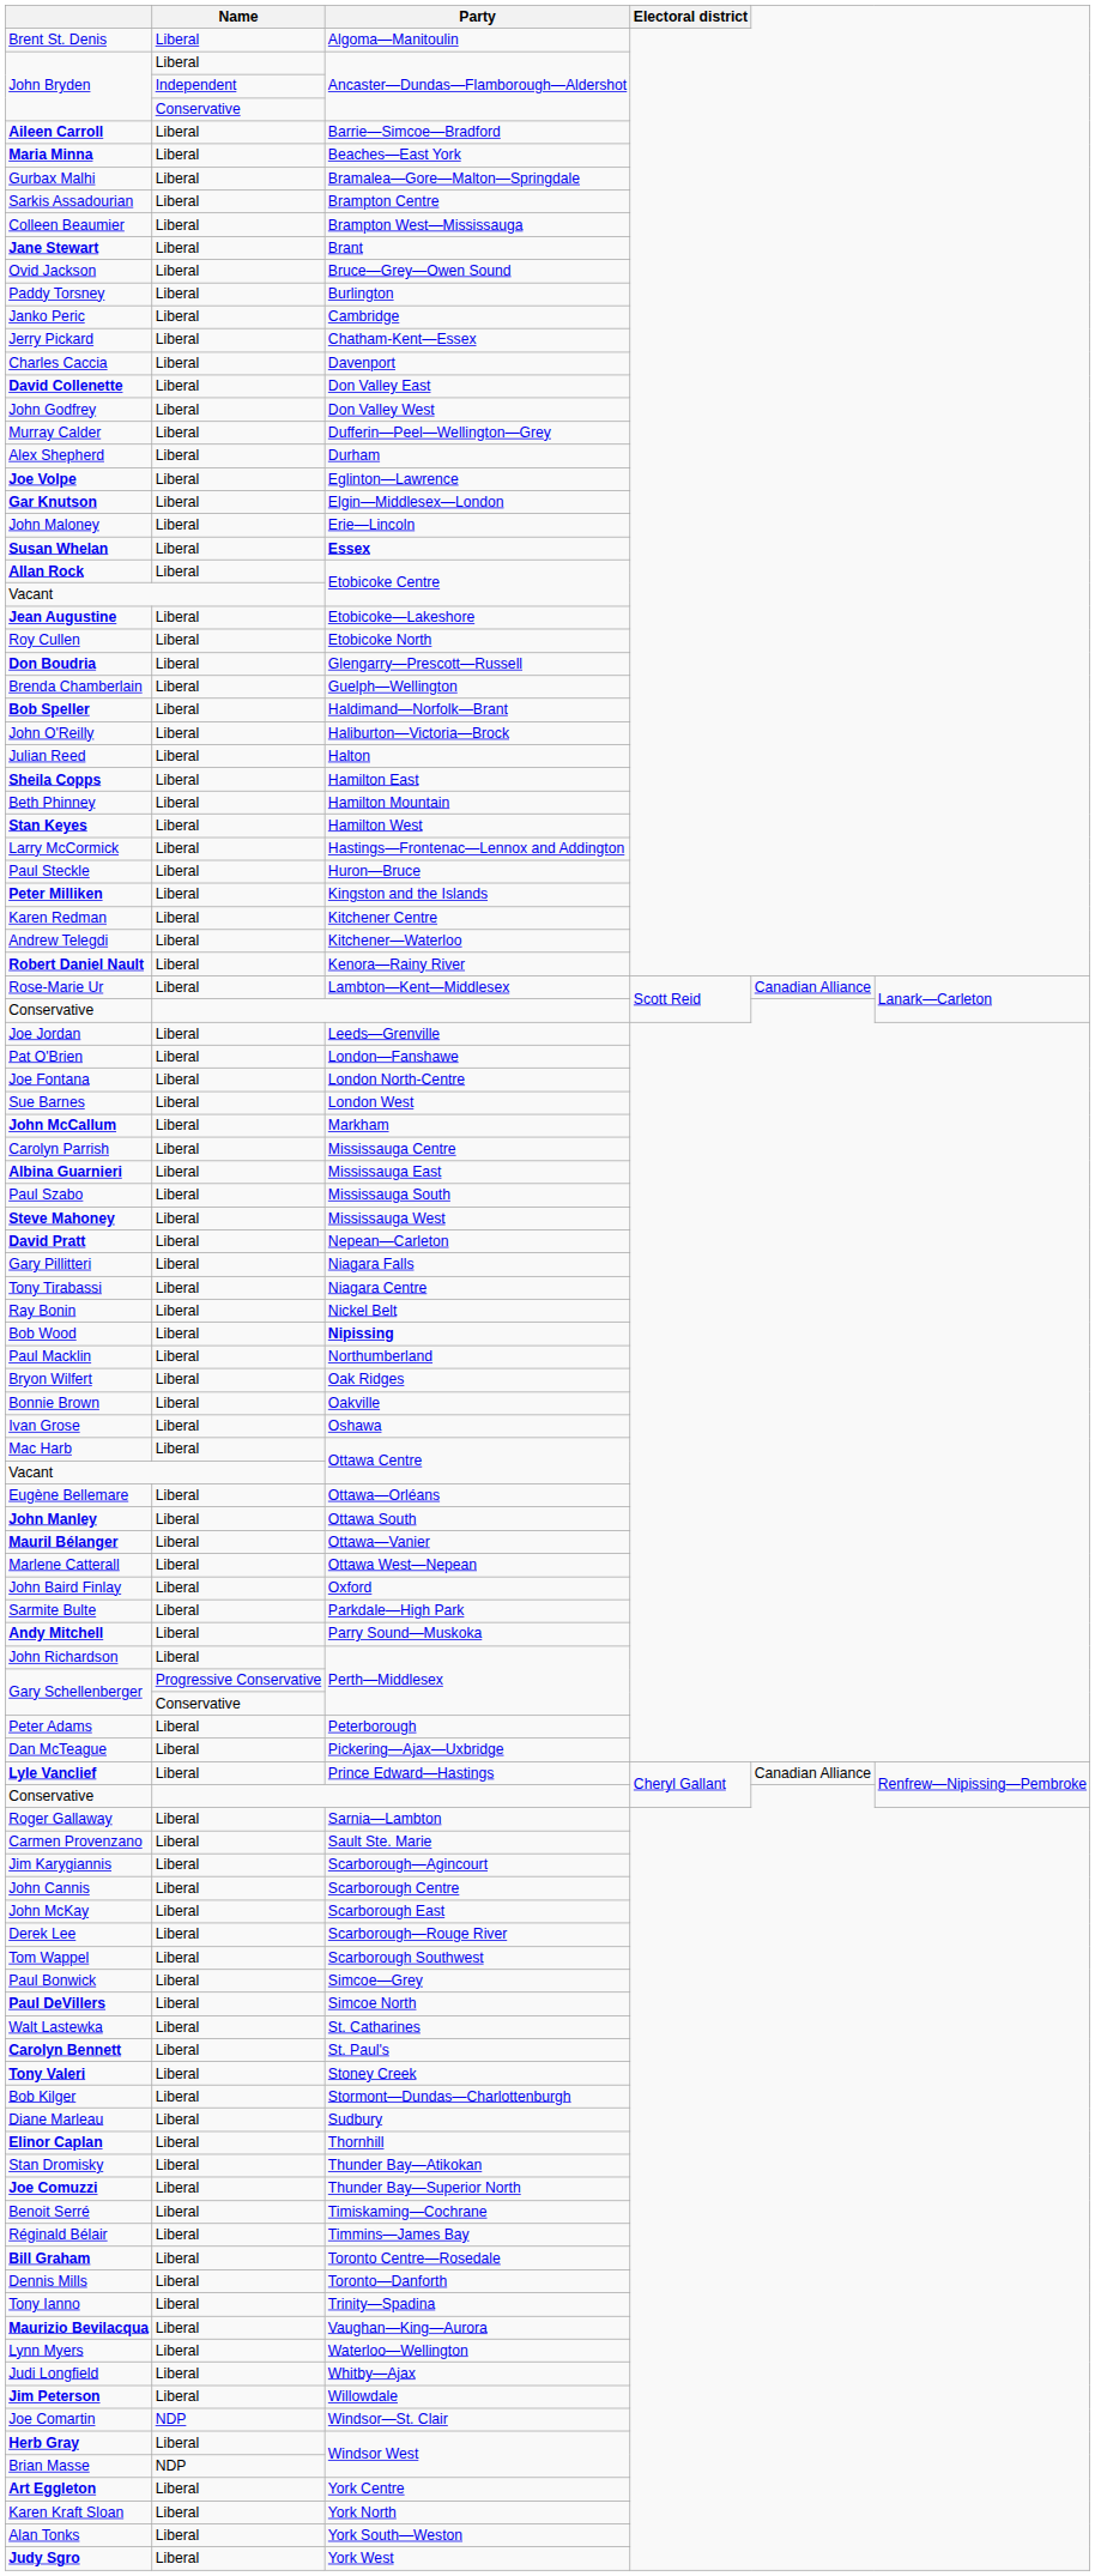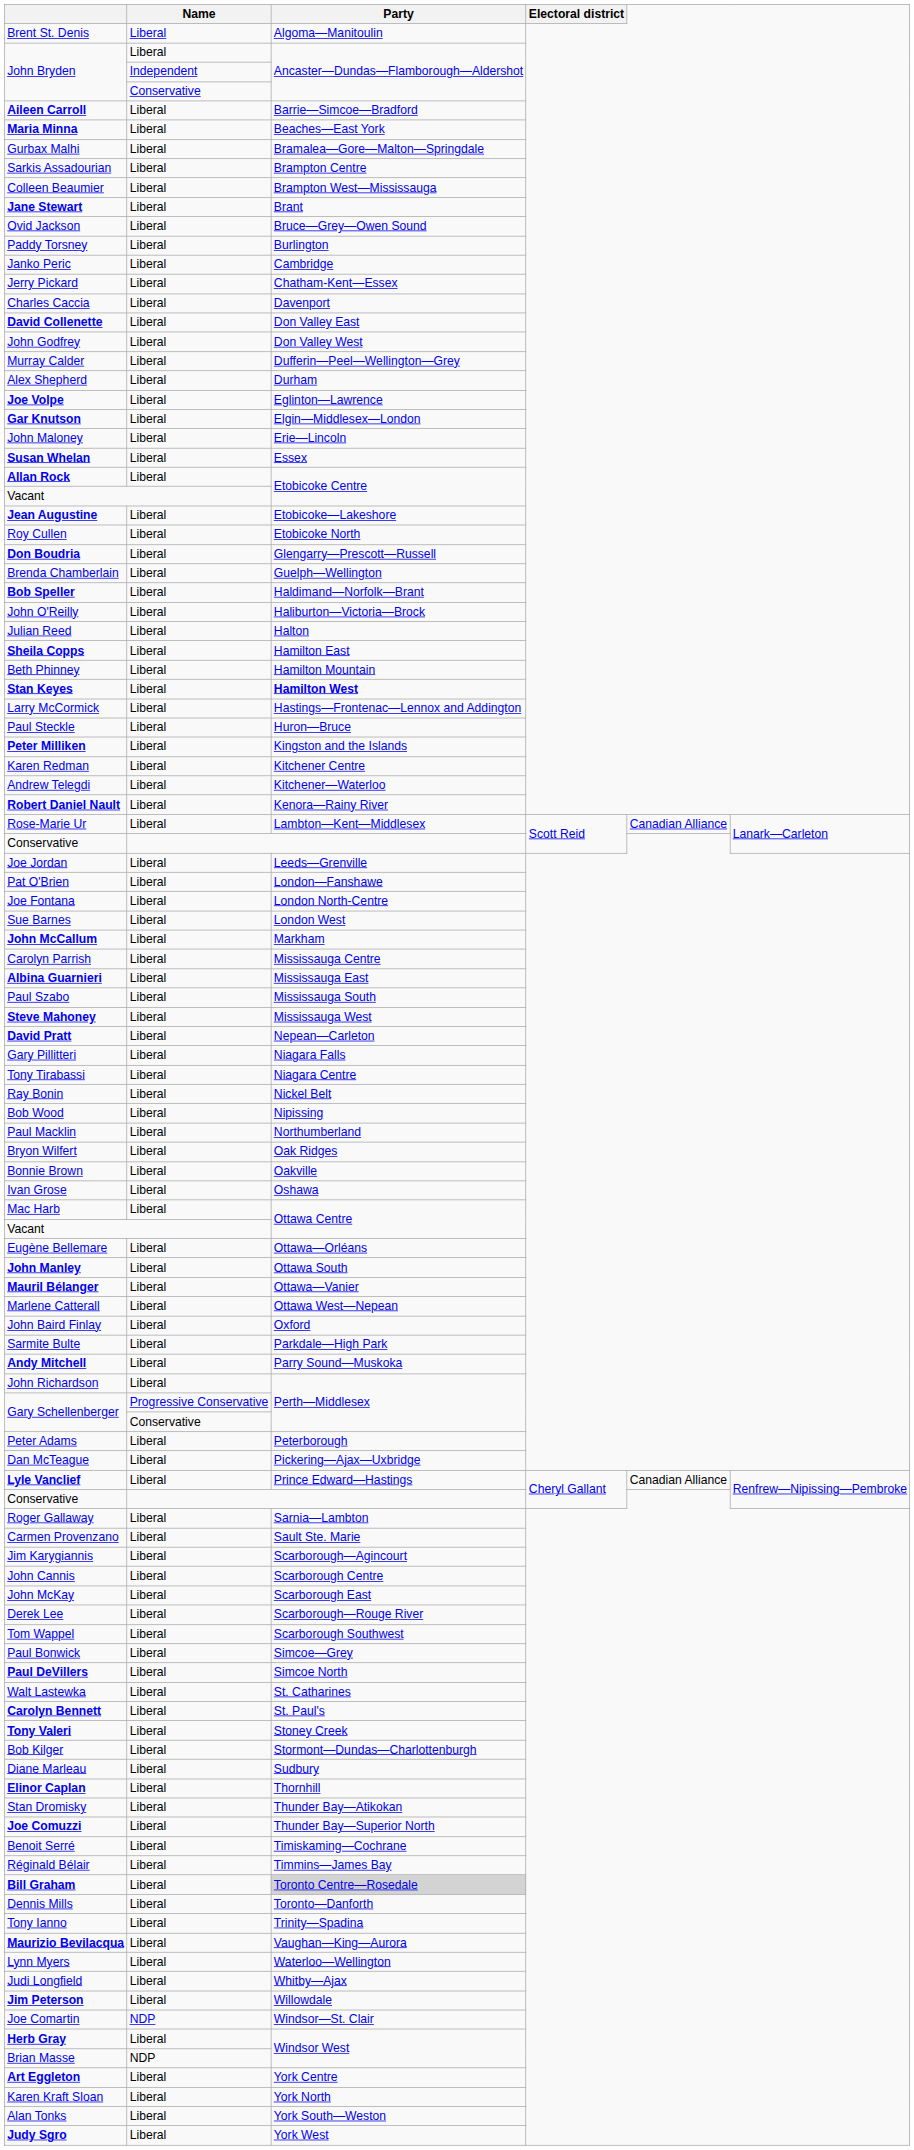 <table class="wikitable">
 <tr>
 <th></th>
 <th>Name</th>
 <th>Party</th>
 <th>Electoral district</th>
 </tr>
 <tr>
 <td><a href='#'>Brent St. Denis</a></td>
 <td><a href='#'>Liberal</a></td>
 <td><a href='#'>Algoma—Manitoulin</a></td>
 </tr>
 <tr>
 <td rowspan="3"><a href='#'>John Bryden</a></td>
 <td>Liberal</td>
 <td rowspan="3"><a href='#'>Ancaster—Dundas—Flamborough—Aldershot</a></td>
 </tr>
 <tr>
 <td><a href='#'>Independent</a></td>
 </tr>
 <tr>
 <td><a href='#'>Conservative</a></td>
 </tr>
 <tr>
 <td><strong><a href='#'>Aileen Carroll</a></strong></td>
 <td>Liberal</td>
 <td><a href='#'>Barrie—Simcoe—Bradford</a></td>
 </tr>
 <tr>
 <td><strong><a href='#'>Maria Minna</a></strong></td>
 <td>Liberal</td>
 <td><a href='#'>Beaches—East York</a></td>
 </tr>
 <tr>
 <td><a href='#'>Gurbax Malhi</a></td>
 <td>Liberal</td>
 <td><a href='#'>Bramalea—Gore—Malton—Springdale</a></td>
 </tr>
 <tr>
 <td><a href='#'>Sarkis Assadourian</a></td>
 <td>Liberal</td>
 <td><a href='#'>Brampton Centre</a></td>
 </tr>
 <tr>
 <td><a href='#'>Colleen Beaumier</a></td>
 <td>Liberal</td>
 <td><a href='#'>Brampton West—Mississauga</a></td>
 </tr>
 <tr>
 <td><strong><a href='#'>Jane Stewart</a></strong></td>
 <td>Liberal</td>
 <td><a href='#'>Brant</a></td>
 </tr>
 <tr>
 <td><a href='#'>Ovid Jackson</a></td>
 <td>Liberal</td>
 <td><a href='#'>Bruce—Grey—Owen Sound</a></td>
 </tr>
 <tr>
 <td><a href='#'>Paddy Torsney</a></td>
 <td>Liberal</td>
 <td><a href='#'>Burlington</a></td>
 </tr>
 <tr>
 <td><a href='#'>Janko Peric</a></td>
 <td>Liberal</td>
 <td><a href='#'>Cambridge</a></td>
 </tr>
 <tr>
 <td><a href='#'>Jerry Pickard</a></td>
 <td>Liberal</td>
 <td><a href='#'>Chatham-Kent—Essex</a></td>
 </tr>
 <tr>
 <td><a href='#'>Charles Caccia</a></td>
 <td>Liberal</td>
 <td><a href='#'>Davenport</a></td>
 </tr>
 <tr>
 <td><strong><a href='#'>David Collenette</a></strong></td>
 <td>Liberal</td>
 <td><a href='#'>Don Valley East</a></td>
 </tr>
 <tr>
 <td><a href='#'>John Godfrey</a></td>
 <td>Liberal</td>
 <td><a href='#'>Don Valley West</a></td>
 </tr>
 <tr>
 <td><a href='#'>Murray Calder</a></td>
 <td>Liberal</td>
 <td><a href='#'>Dufferin—Peel—Wellington—Grey</a></td>
 </tr>
 <tr>
 <td><a href='#'>Alex Shepherd</a></td>
 <td>Liberal</td>
 <td><a href='#'>Durham</a></td>
 </tr>
 <tr>
 <td><strong><a href='#'>Joe Volpe</a></strong></td>
 <td>Liberal</td>
 <td><a href='#'>Eglinton—Lawrence</a></td>
 </tr>
 <tr>
 <td><strong><a href='#'>Gar Knutson</a></strong></td>
 <td>Liberal</td>
 <td><a href='#'>Elgin—Middlesex—London</a></td>
 </tr>
 <tr>
 <td><a href='#'>John Maloney</a></td>
 <td>Liberal</td>
 <td><a href='#'>Erie—Lincoln</a></td>
 </tr>
 <tr>
 <td><strong><a href='#'>Susan Whelan</a></strong></td>
 <td>Liberal</td>
-<td><strong><a href='#'>Essex</a></strong></td>
+<td><a href='#'>Essex</a></td>
 </tr>
 <tr>
 <td><strong><a href='#'>Allan Rock</a></strong></td>
 <td>Liberal</td>
 <td rowspan="2"><a href='#'>Etobicoke Centre</a></td>
 </tr>
 <tr>
 <td colspan="2">Vacant</td>
 </tr>
 <tr>
 <td><strong><a href='#'>Jean Augustine</a></strong></td>
 <td>Liberal</td>
 <td><a href='#'>Etobicoke—Lakeshore</a></td>
 </tr>
 <tr>
 <td><a href='#'>Roy Cullen</a></td>
 <td>Liberal</td>
 <td><a href='#'>Etobicoke North</a></td>
 </tr>
 <tr>
 <td><strong><a href='#'>Don Boudria</a></strong></td>
 <td>Liberal</td>
 <td><a href='#'>Glengarry—Prescott—Russell</a></td>
 </tr>
 <tr>
 <td><a href='#'>Brenda Chamberlain</a></td>
 <td>Liberal</td>
 <td><a href='#'>Guelph—Wellington</a></td>
 </tr>
 <tr>
 <td><strong><a href='#'>Bob Speller</a></strong></td>
 <td>Liberal</td>
 <td><a href='#'>Haldimand—Norfolk—Brant</a></td>
 </tr>
 <tr>
 <td><a href='#'>John O'Reilly</a></td>
 <td>Liberal</td>
 <td><a href='#'>Haliburton—Victoria—Brock</a></td>
 </tr>
 <tr>
 <td><a href='#'>Julian Reed</a></td>
 <td>Liberal</td>
 <td><a href='#'>Halton</a></td>
 </tr>
 <tr>
 <td><strong><a href='#'>Sheila Copps</a></strong></td>
 <td>Liberal</td>
 <td><a href='#'>Hamilton East</a></td>
 </tr>
 <tr>
 <td><a href='#'>Beth Phinney</a></td>
 <td>Liberal</td>
 <td><a href='#'>Hamilton Mountain</a></td>
 </tr>
 <tr>
 <td><strong><a href='#'>Stan Keyes</a></strong></td>
 <td>Liberal</td>
-<td><a href='#'>Hamilton West</a></td>
+<td><strong><a href='#'>Hamilton West</a></strong></td>
 </tr>
 <tr>
 <td><a href='#'>Larry McCormick</a></td>
 <td>Liberal</td>
 <td><a href='#'>Hastings—Frontenac—Lennox and Addington</a></td>
 </tr>
 <tr>
 <td><a href='#'>Paul Steckle</a></td>
 <td>Liberal</td>
 <td><a href='#'>Huron—Bruce</a></td>
 </tr>
 <tr>
 <td><strong><a href='#'>Peter Milliken</a></strong></td>
 <td>Liberal</td>
 <td><a href='#'>Kingston and the Islands</a></td>
 </tr>
 <tr>
 <td><a href='#'>Karen Redman</a></td>
 <td>Liberal</td>
 <td><a href='#'>Kitchener Centre</a></td>
 </tr>
 <tr>
 <td><a href='#'>Andrew Telegdi</a></td>
 <td>Liberal</td>
 <td><a href='#'>Kitchener—Waterloo</a></td>
 </tr>
 <tr>
 <td><strong><a href='#'>Robert Daniel Nault</a></strong></td>
 <td>Liberal</td>
 <td><a href='#'>Kenora—Rainy River</a></td>
 </tr>
 <tr>
 <td><a href='#'>Rose-Marie Ur</a></td>
 <td>Liberal</td>
 <td><a href='#'>Lambton—Kent—Middlesex</a><br></td>
 <td rowspan="2"><a href='#'>Scott Reid</a></td>
 <td><a href='#'>Canadian Alliance</a></td>
 <td rowspan="2"><a href='#'>Lanark—Carleton</a></td>
 </tr>
 <tr>
 <td>Conservative</td>
 </tr>
 <tr>
 <td><a href='#'>Joe Jordan</a></td>
 <td>Liberal</td>
 <td><a href='#'>Leeds—Grenville</a></td>
 </tr>
 <tr>
 <td><a href='#'>Pat O'Brien</a></td>
 <td>Liberal</td>
 <td><a href='#'>London—Fanshawe</a></td>
 </tr>
 <tr>
 <td><a href='#'>Joe Fontana</a></td>
 <td>Liberal</td>
 <td><a href='#'>London North-Centre</a></td>
 </tr>
 <tr>
 <td><a href='#'>Sue Barnes</a></td>
 <td>Liberal</td>
 <td><a href='#'>London West</a></td>
 </tr>
 <tr>
 <td><strong><a href='#'>John McCallum</a></strong></td>
 <td>Liberal</td>
 <td><a href='#'>Markham</a></td>
 </tr>
 <tr>
 <td><a href='#'>Carolyn Parrish</a></td>
 <td>Liberal</td>
 <td><a href='#'>Mississauga Centre</a></td>
 </tr>
 <tr>
 <td><strong><a href='#'>Albina Guarnieri</a></strong></td>
 <td>Liberal</td>
 <td><a href='#'>Mississauga East</a></td>
 </tr>
 <tr>
 <td><a href='#'>Paul Szabo</a></td>
 <td>Liberal</td>
 <td><a href='#'>Mississauga South</a></td>
 </tr>
 <tr>
 <td><strong><a href='#'>Steve Mahoney</a></strong></td>
 <td>Liberal</td>
 <td><a href='#'>Mississauga West</a></td>
 </tr>
 <tr>
 <td><strong><a href='#'>David Pratt</a></strong></td>
 <td>Liberal</td>
 <td><a href='#'>Nepean—Carleton</a></td>
 </tr>
 <tr>
 <td><a href='#'>Gary Pillitteri</a></td>
 <td>Liberal</td>
 <td><a href='#'>Niagara Falls</a></td>
 </tr>
 <tr>
 <td><a href='#'>Tony Tirabassi</a></td>
 <td>Liberal</td>
 <td><a href='#'>Niagara Centre</a></td>
 </tr>
 <tr>
 <td><a href='#'>Ray Bonin</a></td>
 <td>Liberal</td>
 <td><a href='#'>Nickel Belt</a></td>
 </tr>
 <tr>
 <td><a href='#'>Bob Wood</a></td>
 <td>Liberal</td>
-<td><strong><a href='#'>Nipissing</a></strong></td>
+<td><a href='#'>Nipissing</a></td>
 </tr>
 <tr>
 <td><a href='#'>Paul Macklin</a></td>
 <td>Liberal</td>
 <td><a href='#'>Northumberland</a></td>
 </tr>
 <tr>
 <td><a href='#'>Bryon Wilfert</a></td>
 <td>Liberal</td>
 <td><a href='#'>Oak Ridges</a></td>
 </tr>
 <tr>
 <td><a href='#'>Bonnie Brown</a></td>
 <td>Liberal</td>
 <td><a href='#'>Oakville</a></td>
 </tr>
 <tr>
 <td><a href='#'>Ivan Grose</a></td>
 <td>Liberal</td>
 <td><a href='#'>Oshawa</a></td>
 </tr>
 <tr>
 <td><a href='#'>Mac Harb</a></td>
 <td>Liberal</td>
 <td rowspan="2"><a href='#'>Ottawa Centre</a></td>
 </tr>
 <tr>
 <td colspan="2">Vacant</td>
 </tr>
 <tr>
 <td><a href='#'>Eugène Bellemare</a></td>
 <td>Liberal</td>
 <td><a href='#'>Ottawa—Orléans</a></td>
 </tr>
 <tr>
 <td><strong><a href='#'>John Manley</a></strong></td>
 <td>Liberal</td>
 <td><a href='#'>Ottawa South</a></td>
 </tr>
 <tr>
 <td><strong><a href='#'>Mauril Bélanger</a></strong></td>
 <td>Liberal</td>
 <td><a href='#'>Ottawa—Vanier</a></td>
 </tr>
 <tr>
 <td><a href='#'>Marlene Catterall</a></td>
 <td>Liberal</td>
 <td><a href='#'>Ottawa West—Nepean</a></td>
 </tr>
 <tr>
 <td><a href='#'>John Baird Finlay</a></td>
 <td>Liberal</td>
 <td><a href='#'>Oxford</a></td>
 </tr>
 <tr>
 <td><a href='#'>Sarmite Bulte</a></td>
 <td>Liberal</td>
 <td><a href='#'>Parkdale—High Park</a></td>
 </tr>
 <tr>
 <td><strong><a href='#'>Andy Mitchell</a></strong></td>
 <td>Liberal</td>
 <td><a href='#'>Parry Sound—Muskoka</a></td>
 </tr>
 <tr>
 <td><a href='#'>John Richardson</a></td>
 <td>Liberal</td>
 <td rowspan="3"><a href='#'>Perth—Middlesex</a></td>
 </tr>
 <tr>
 <td rowspan="2"><a href='#'>Gary Schellenberger</a></td>
 <td><a href='#'>Progressive Conservative</a></td>
 </tr>
 <tr>
 <td>Conservative</td>
 </tr>
 <tr>
 <td><a href='#'>Peter Adams</a></td>
 <td>Liberal</td>
 <td><a href='#'>Peterborough</a></td>
 </tr>
 <tr>
 <td><a href='#'>Dan McTeague</a></td>
 <td>Liberal</td>
 <td><a href='#'>Pickering—Ajax—Uxbridge</a></td>
 </tr>
 <tr>
 <td><strong><a href='#'>Lyle Vanclief</a></strong></td>
 <td>Liberal</td>
 <td><a href='#'>Prince Edward—Hastings</a><br></td>
 <td rowspan="2"><a href='#'>Cheryl Gallant</a></td>
 <td>Canadian Alliance</td>
 <td rowspan="2"><a href='#'>Renfrew—Nipissing—Pembroke</a></td>
 </tr>
 <tr>
 <td>Conservative</td>
 </tr>
 <tr>
 <td><a href='#'>Roger Gallaway</a></td>
 <td>Liberal</td>
 <td><a href='#'>Sarnia—Lambton</a></td>
 </tr>
 <tr>
 <td><a href='#'>Carmen Provenzano</a></td>
 <td>Liberal</td>
 <td><a href='#'>Sault Ste. Marie</a></td>
 </tr>
 <tr>
 <td><a href='#'>Jim Karygiannis</a></td>
 <td>Liberal</td>
 <td><a href='#'>Scarborough—Agincourt</a></td>
 </tr>
 <tr>
 <td><a href='#'>John Cannis</a></td>
 <td>Liberal</td>
 <td><a href='#'>Scarborough Centre</a></td>
 </tr>
 <tr>
 <td><a href='#'>John McKay</a></td>
 <td>Liberal</td>
 <td><a href='#'>Scarborough East</a></td>
 </tr>
 <tr>
 <td><a href='#'>Derek Lee</a></td>
 <td>Liberal</td>
 <td><a href='#'>Scarborough—Rouge River</a></td>
 </tr>
 <tr>
 <td><a href='#'>Tom Wappel</a></td>
 <td>Liberal</td>
 <td><a href='#'>Scarborough Southwest</a></td>
 </tr>
 <tr>
 <td><a href='#'>Paul Bonwick</a></td>
 <td>Liberal</td>
 <td><a href='#'>Simcoe—Grey</a></td>
 </tr>
 <tr>
 <td><strong><a href='#'>Paul DeVillers</a></strong></td>
 <td>Liberal</td>
 <td><a href='#'>Simcoe North</a></td>
 </tr>
 <tr>
 <td><a href='#'>Walt Lastewka</a></td>
 <td>Liberal</td>
 <td><a href='#'>St. Catharines</a></td>
 </tr>
 <tr>
 <td><strong><a href='#'>Carolyn Bennett</a></strong></td>
 <td>Liberal</td>
 <td><a href='#'>St. Paul's</a></td>
 </tr>
 <tr>
 <td><strong><a href='#'>Tony Valeri</a></strong></td>
 <td>Liberal</td>
 <td><a href='#'>Stoney Creek</a></td>
 </tr>
 <tr>
 <td><a href='#'>Bob Kilger</a></td>
 <td>Liberal</td>
 <td><a href='#'>Stormont—Dundas—Charlottenburgh</a></td>
 </tr>
 <tr>
 <td><a href='#'>Diane Marleau</a></td>
 <td>Liberal</td>
 <td><a href='#'>Sudbury</a></td>
 </tr>
 <tr>
 <td><strong><a href='#'>Elinor Caplan</a></strong></td>
 <td>Liberal</td>
 <td><a href='#'>Thornhill</a></td>
 </tr>
 <tr>
 <td><a href='#'>Stan Dromisky</a></td>
 <td>Liberal</td>
 <td><a href='#'>Thunder Bay—Atikokan</a></td>
 </tr>
 <tr>
 <td><strong><a href='#'>Joe Comuzzi</a></strong></td>
 <td>Liberal</td>
 <td><a href='#'>Thunder Bay—Superior North</a></td>
 </tr>
 <tr>
 <td><a href='#'>Benoit Serré</a></td>
 <td>Liberal</td>
 <td><a href='#'>Timiskaming—Cochrane</a></td>
 </tr>
 <tr>
 <td><a href='#'>Réginald Bélair</a></td>
 <td>Liberal</td>
 <td><a href='#'>Timmins—James Bay</a></td>
 </tr>
 <tr>
 <td><strong><a href='#'>Bill Graham</a></strong></td>
 <td>Liberal</td>
-<td><a href='#'>Toronto Centre—Rosedale</a></td>
+<td style="background: lightgrey;"><a href='#'>Toronto Centre—Rosedale</a></td>
 </tr>
 <tr>
 <td><a href='#'>Dennis Mills</a></td>
 <td>Liberal</td>
 <td><a href='#'>Toronto—Danforth</a></td>
 </tr>
 <tr>
 <td><a href='#'>Tony Ianno</a></td>
 <td>Liberal</td>
 <td><a href='#'>Trinity—Spadina</a></td>
 </tr>
 <tr>
 <td><strong><a href='#'>Maurizio Bevilacqua</a></strong></td>
 <td>Liberal</td>
 <td><a href='#'>Vaughan—King—Aurora</a></td>
 </tr>
 <tr>
 <td><a href='#'>Lynn Myers</a></td>
 <td>Liberal</td>
 <td><a href='#'>Waterloo—Wellington</a></td>
 </tr>
 <tr>
 <td><a href='#'>Judi Longfield</a></td>
 <td>Liberal</td>
 <td><a href='#'>Whitby—Ajax</a></td>
 </tr>
 <tr>
 <td><strong><a href='#'>Jim Peterson</a></strong></td>
 <td>Liberal</td>
 <td><a href='#'>Willowdale</a></td>
 </tr>
 <tr>
 <td><a href='#'>Joe Comartin</a></td>
 <td><a href='#'>NDP</a></td>
 <td><a href='#'>Windsor—St. Clair</a></td>
 </tr>
 <tr>
 <td><strong><a href='#'>Herb Gray</a></strong></td>
 <td>Liberal</td>
 <td rowspan="2"><a href='#'>Windsor West</a></td>
 </tr>
 <tr>
 <td><a href='#'>Brian Masse</a></td>
 <td>NDP</td>
 </tr>
 <tr>
 <td><strong><a href='#'>Art Eggleton</a></strong></td>
 <td>Liberal</td>
 <td><a href='#'>York Centre</a></td>
 </tr>
 <tr>
 <td><a href='#'>Karen Kraft Sloan</a></td>
 <td>Liberal</td>
 <td><a href='#'>York North</a></td>
 </tr>
 <tr>
 <td><a href='#'>Alan Tonks</a></td>
 <td>Liberal</td>
 <td><a href='#'>York South—Weston</a></td>
 </tr>
 <tr>
 <td><strong><a href='#'>Judy Sgro</a></strong></td>
 <td>Liberal</td>
 <td><a href='#'>York West</a></td>
 </tr>
 </table>
